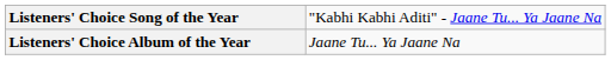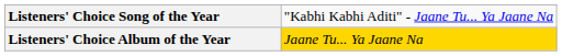 <table class="wikitable">
 <tr>
 <th style="text-align: left; width:50%;">Listeners' Choice Song of the Year</th>
 <td>"Kabhi Kabhi Aditi" - <em><a href='#'>Jaane Tu... Ya Jaane Na</a></em></td>
 </tr>
 <tr>
 <th style="text-align: left;">Listeners' Choice Album of the Year</th>
-<td><em>Jaane Tu... Ya Jaane Na</em></td>
+<td style="background: gold;"><em>Jaane Tu... Ya Jaane Na</em></td>
 </tr>
 </table>
